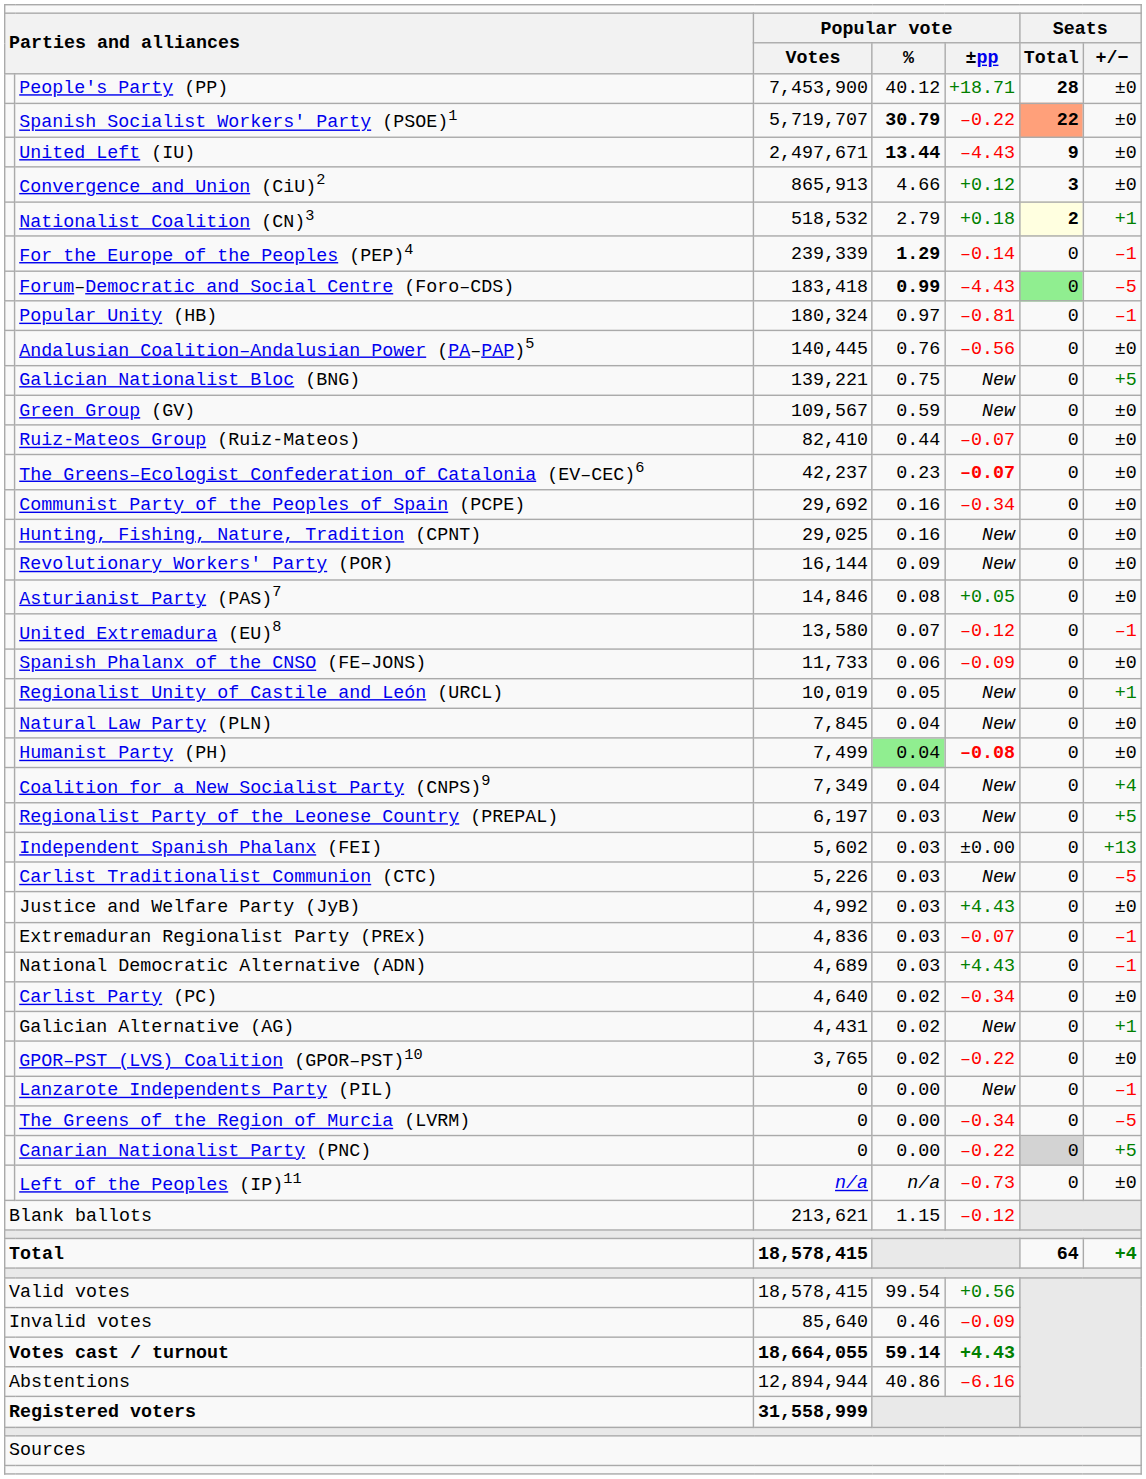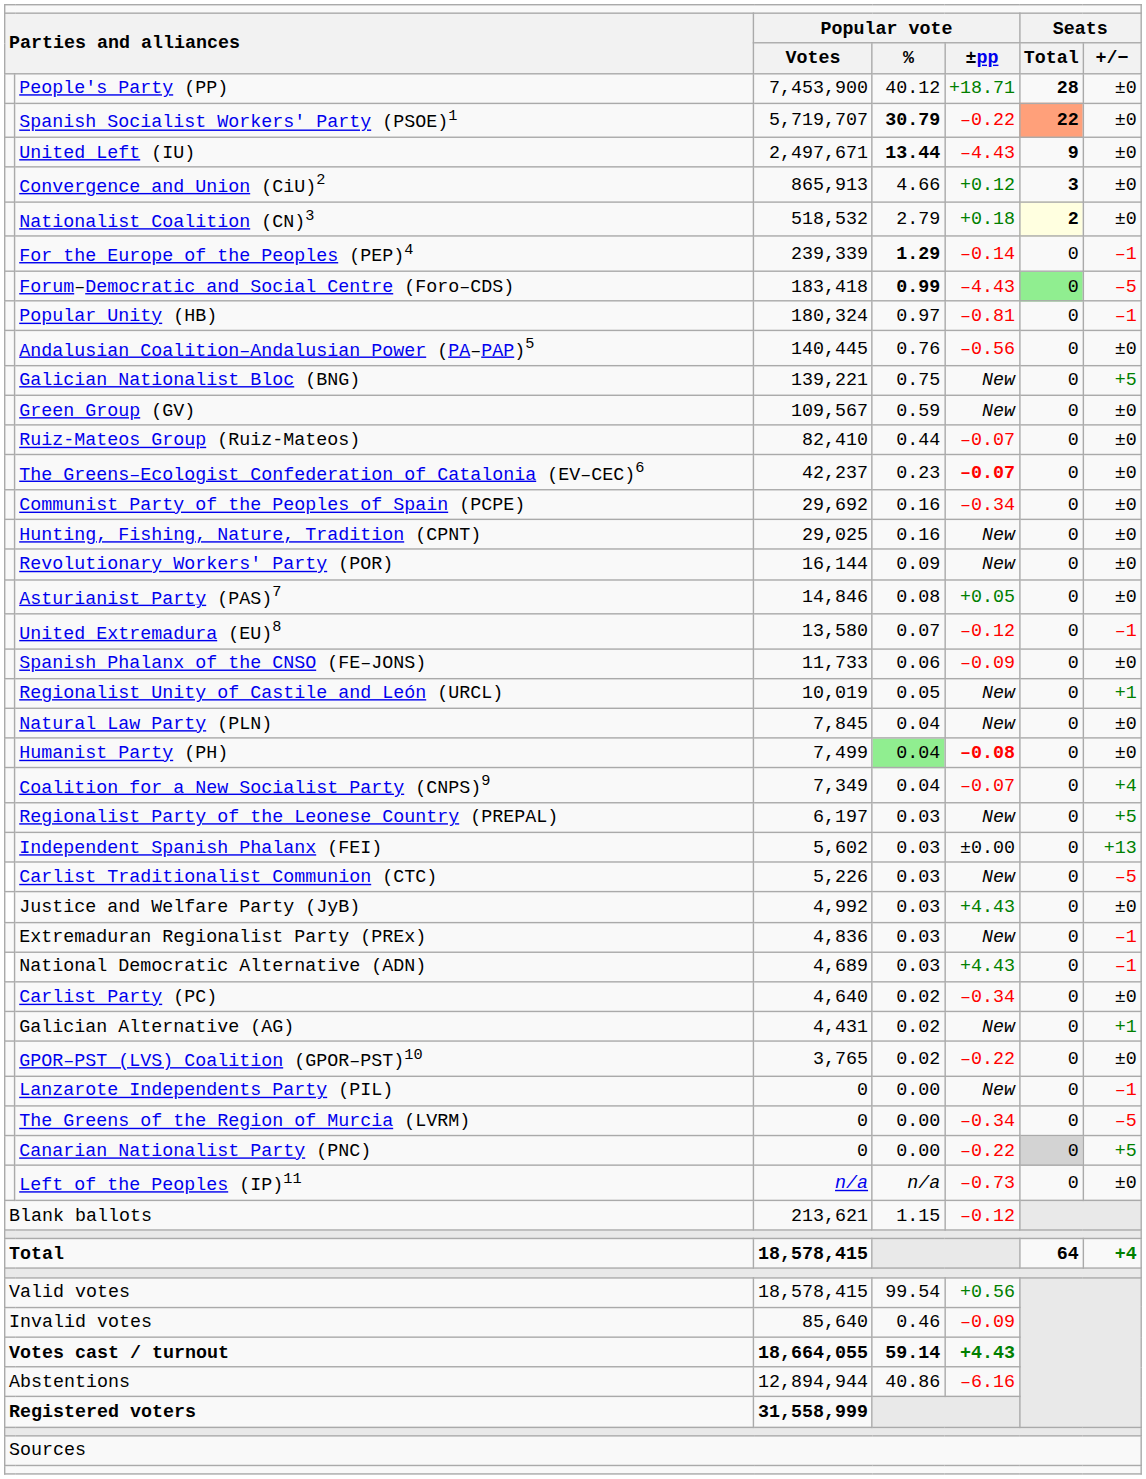 <table class="wikitable" style="text-align:right;">
 <tr>
 <td colspan="7"></td>
 </tr>
 <tr>
 <th style="text-align:left;" rowspan="2" colspan="2" width="525">Parties and alliances</th>
 <th colspan="3">Popular vote</th>
 <th colspan="2">Seats</th>
 </tr>
 <tr>
 <th width="75">Votes</th>
 <th width="45">%</th>
 <th width="45">±<a href='#'>pp</a></th>
 <th width="35">Total</th>
 <th width="35">+/−</th>
 </tr>
 <tr>
 <td width="1" style="color:inherit;background:"></td>
 <td align="left"><a href='#'>People's Party</a> (PP)</td>
 <td>7,453,900</td>
 <td>40.12</td>
 <td style="color:green;">+18.71</td>
 <td><strong>28</strong></td>
 <td>±0</td>
 </tr>
 <tr>
 <td style="color:inherit;background:"></td>
 <td align="left"><a href='#'>Spanish Socialist Workers' Party</a> (PSOE)<sup>1</sup></td>
 <td>5,719,707</td>
 <td><strong>30.79</strong></td>
 <td style="color:red;">–0.22</td>
 <td style="background: lightsalmon;"><strong>22</strong></td>
 <td>±0</td>
 </tr>
 <tr>
 <td style="color:inherit;background:"></td>
 <td align="left"><a href='#'>United Left</a> (IU)</td>
 <td>2,497,671</td>
 <td><strong>13.44</strong></td>
 <td style="color:red;">–4.43</td>
 <td><strong>9</strong></td>
 <td>±0</td>
 </tr>
 <tr>
 <td style="color:inherit;background:"></td>
 <td align="left"><a href='#'>Convergence and Union</a> (CiU)<sup>2</sup></td>
 <td>865,913</td>
 <td>4.66</td>
 <td style="color:green;">+0.12</td>
 <td><strong>3</strong></td>
 <td>±0</td>
 </tr>
 <tr>
 <td style="color:inherit;background:"></td>
 <td align="left"><a href='#'>Nationalist Coalition</a> (CN)<sup>3</sup></td>
 <td>518,532</td>
 <td>2.79</td>
 <td style="color:green;">+0.18</td>
 <td style="background: lightyellow;"><strong>2</strong></td>
-<td style="color:green;">+1</td>
+<td>±0</td>
 </tr>
 <tr>
 <td style="color:inherit;background:"></td>
 <td align="left"><a href='#'>For the Europe of the Peoples</a> (PEP)<sup>4</sup></td>
 <td>239,339</td>
 <td><strong>1.29</strong></td>
 <td style="color:red;">–0.14</td>
 <td>0</td>
 <td style="color:red;">–1</td>
 </tr>
 <tr>
 <td style="color:inherit;background:"></td>
 <td align="left"><a href='#'>Forum</a>–<a href='#'>Democratic and Social Centre</a> (Foro–CDS)</td>
 <td>183,418</td>
 <td><strong>0.99</strong></td>
 <td style="color:red;">–4.43</td>
 <td style="background: lightgreen;">0</td>
 <td style="color:red;">–5</td>
 </tr>
 <tr>
 <td style="color:inherit;background:"></td>
 <td align="left"><a href='#'>Popular Unity</a> (HB)</td>
 <td>180,324</td>
 <td>0.97</td>
 <td style="color:red;">–0.81</td>
 <td>0</td>
 <td style="color:red;">–1</td>
 </tr>
 <tr>
 <td style="color:inherit;background:"></td>
 <td align="left"><a href='#'>Andalusian Coalition–Andalusian Power</a> (<a href='#'>PA</a>–<a href='#'>PAP</a>)<sup>5</sup></td>
 <td>140,445</td>
 <td>0.76</td>
 <td style="color:red;">–0.56</td>
 <td>0</td>
 <td>±0</td>
 </tr>
 <tr>
 <td style="color:inherit;background:"></td>
 <td align="left"><a href='#'>Galician Nationalist Bloc</a> (BNG)</td>
 <td>139,221</td>
 <td>0.75</td>
 <td><em>New</em></td>
 <td>0</td>
 <td style="color:green;">+5</td>
 </tr>
 <tr>
 <td style="color:inherit;background:"></td>
 <td align="left"><a href='#'>Green Group</a> (GV)</td>
 <td>109,567</td>
 <td>0.59</td>
 <td><em>New</em></td>
 <td>0</td>
 <td>±0</td>
 </tr>
 <tr>
 <td style="color:inherit;background:"></td>
 <td align="left"><a href='#'>Ruiz-Mateos Group</a> (Ruiz-Mateos)</td>
 <td>82,410</td>
 <td>0.44</td>
 <td style="color:red;">–0.07</td>
 <td>0</td>
 <td>±0</td>
 </tr>
 <tr>
 <td style="color:inherit;background:"></td>
 <td align="left"><a href='#'>The Greens–Ecologist Confederation of Catalonia</a> (EV–CEC)<sup>6</sup></td>
 <td>42,237</td>
 <td>0.23</td>
 <td style="color:red;"><strong>–0.07</strong></td>
 <td>0</td>
 <td>±0</td>
 </tr>
 <tr>
 <td style="color:inherit;background:"></td>
 <td align="left"><a href='#'>Communist Party of the Peoples of Spain</a> (PCPE)</td>
 <td>29,692</td>
 <td>0.16</td>
 <td style="color:red;">–0.34</td>
 <td>0</td>
 <td>±0</td>
 </tr>
 <tr>
 <td style="color:inherit;background:"></td>
 <td align="left"><a href='#'>Hunting, Fishing, Nature, Tradition</a> (CPNT)</td>
 <td>29,025</td>
 <td>0.16</td>
 <td><em>New</em></td>
 <td>0</td>
 <td>±0</td>
 </tr>
 <tr>
 <td style="color:inherit;background:"></td>
 <td align="left"><a href='#'>Revolutionary Workers' Party</a> (POR)</td>
 <td>16,144</td>
 <td>0.09</td>
 <td><em>New</em></td>
 <td>0</td>
 <td>±0</td>
 </tr>
 <tr>
 <td style="color:inherit;background:"></td>
 <td align="left"><a href='#'>Asturianist Party</a> (PAS)<sup>7</sup></td>
 <td>14,846</td>
 <td>0.08</td>
 <td style="color:green;">+0.05</td>
 <td>0</td>
 <td>±0</td>
 </tr>
 <tr>
 <td style="color:inherit;background:"></td>
 <td align="left"><a href='#'>United Extremadura</a> (EU)<sup>8</sup></td>
 <td>13,580</td>
 <td>0.07</td>
 <td style="color:red;">–0.12</td>
 <td>0</td>
 <td style="color:red;">–1</td>
 </tr>
 <tr>
 <td style="color:inherit;background:"></td>
 <td align="left"><a href='#'>Spanish Phalanx of the CNSO</a> (FE–JONS)</td>
 <td>11,733</td>
 <td>0.06</td>
 <td style="color:red;">–0.09</td>
 <td>0</td>
 <td>±0</td>
 </tr>
 <tr>
 <td style="color:inherit;background:"></td>
 <td align="left"><a href='#'>Regionalist Unity of Castile and León</a> (URCL)</td>
 <td>10,019</td>
 <td>0.05</td>
 <td><em>New</em></td>
 <td>0</td>
 <td style="color:green;">+1</td>
 </tr>
 <tr>
 <td style="color:inherit;background:"></td>
 <td align="left"><a href='#'>Natural Law Party</a> (PLN)</td>
 <td>7,845</td>
 <td>0.04</td>
 <td><em>New</em></td>
 <td>0</td>
 <td>±0</td>
 </tr>
 <tr>
 <td style="color:inherit;background:"></td>
 <td align="left"><a href='#'>Humanist Party</a> (PH)</td>
 <td>7,499</td>
 <td style="background: lightgreen;">0.04</td>
 <td style="color:red;"><strong>–0.08</strong></td>
 <td>0</td>
 <td>±0</td>
 </tr>
 <tr>
 <td style="color:inherit;background:"></td>
 <td align="left"><a href='#'>Coalition for a New Socialist Party</a> (CNPS)<sup>9</sup></td>
 <td>7,349</td>
 <td>0.04</td>
-<td><em>New</em></td>
+<td style="color:red;">–0.07</td>
 <td>0</td>
 <td style="color:green;">+4</td>
 </tr>
 <tr>
 <td style="color:inherit;background:"></td>
 <td align="left"><a href='#'>Regionalist Party of the Leonese Country</a> (PREPAL)</td>
 <td>6,197</td>
 <td>0.03</td>
 <td><em>New</em></td>
 <td>0</td>
 <td style="color:green;">+5</td>
 </tr>
 <tr>
 <td style="color:inherit;background:"></td>
 <td align="left"><a href='#'>Independent Spanish Phalanx</a> (FEI)</td>
 <td>5,602</td>
 <td>0.03</td>
 <td>±0.00</td>
 <td>0</td>
 <td style="color:green;">+13</td>
 </tr>
 <tr>
 <td bgcolor="white"></td>
 <td align="left"><a href='#'>Carlist Traditionalist Communion</a> (CTC)</td>
 <td>5,226</td>
 <td>0.03</td>
 <td><em>New</em></td>
 <td>0</td>
 <td style="color:red;">–5</td>
 </tr>
 <tr>
 <td bgcolor="white"></td>
 <td align="left">Justice and Welfare Party (JyB)</td>
 <td>4,992</td>
 <td>0.03</td>
 <td style="color:green;">+4.43</td>
 <td>0</td>
 <td>±0</td>
 </tr>
 <tr>
 <td style="color:inherit;background:"></td>
 <td align="left">Extremaduran Regionalist Party (PREx)</td>
 <td>4,836</td>
 <td>0.03</td>
-<td style="color:red;">–0.07</td>
+<td><em>New</em></td>
 <td>0</td>
 <td style="color:red;">–1</td>
 </tr>
 <tr>
 <td bgcolor="white"></td>
 <td align="left">National Democratic Alternative (ADN)</td>
 <td>4,689</td>
 <td>0.03</td>
 <td style="color:green;">+4.43</td>
 <td>0</td>
 <td style="color:red;">–1</td>
 </tr>
 <tr>
 <td style="color:inherit;background:"></td>
 <td align="left"><a href='#'>Carlist Party</a> (PC)</td>
 <td>4,640</td>
 <td>0.02</td>
 <td style="color:red;">–0.34</td>
 <td>0</td>
 <td>±0</td>
 </tr>
 <tr>
 <td style="color:inherit;background:"></td>
 <td align="left">Galician Alternative (AG)</td>
 <td>4,431</td>
 <td>0.02</td>
 <td><em>New</em></td>
 <td>0</td>
 <td style="color:green;">+1</td>
 </tr>
 <tr>
 <td style="color:inherit;background:"></td>
 <td align="left"><a href='#'>GPOR–PST (LVS) Coalition</a> (GPOR–PST)<sup>10</sup></td>
 <td>3,765</td>
 <td>0.02</td>
 <td style="color:red;">–0.22</td>
 <td>0</td>
 <td>±0</td>
 </tr>
 <tr>
 <td style="color:inherit;background:"></td>
 <td align="left"><a href='#'>Lanzarote Independents Party</a> (PIL)</td>
 <td>0</td>
 <td>0.00</td>
 <td><em>New</em></td>
 <td>0</td>
 <td style="color:red;">–1</td>
 </tr>
 <tr>
 <td style="color:inherit;background:"></td>
 <td align="left"><a href='#'>The Greens of the Region of Murcia</a> (LVRM)</td>
 <td>0</td>
 <td>0.00</td>
 <td style="color:red;">–0.34</td>
 <td>0</td>
 <td style="color:red;">–5</td>
 </tr>
 <tr>
 <td style="color:inherit;background:"></td>
 <td align="left"><a href='#'>Canarian Nationalist Party</a> (PNC)</td>
 <td>0</td>
 <td>0.00</td>
 <td style="color:red;">–0.22</td>
 <td style="background: lightgrey;">0</td>
 <td style="color:green;">+5</td>
 </tr>
 <tr>
 <td style="color:inherit;background:"></td>
 <td align="left"><a href='#'>Left of the Peoples</a> (IP)<sup>11</sup></td>
 <td><em><a href='#'>n/a</a></em></td>
 <td><em>n/a</em></td>
 <td style="color:red;">–0.73</td>
 <td>0</td>
 <td>±0</td>
 </tr>
 <tr>
 <td align="left" colspan="2">Blank ballots</td>
 <td>213,621</td>
 <td>1.15</td>
 <td style="color:red;">–0.12</td>
 <td bgcolor="#E9E9E9" colspan="2"></td>
 </tr>
 <tr>
 <td colspan="7" bgcolor="#E9E9E9"></td>
 </tr>
 <tr style="font-weight:bold;">
 <td align="left" colspan="2">Total</td>
 <td>18,578,415</td>
 <td bgcolor="#E9E9E9" colspan="2"></td>
 <td>64</td>
 <td style="color:green;">+4</td>
 </tr>
 <tr>
 <td colspan="7" bgcolor="#E9E9E9"></td>
 </tr>
 <tr>
 <td align="left" colspan="2">Valid votes</td>
 <td>18,578,415</td>
 <td>99.54</td>
 <td style="color:green;">+0.56</td>
 <td bgcolor="#E9E9E9" colspan="2" rowspan="5"></td>
 </tr>
 <tr>
 <td align="left" colspan="2">Invalid votes</td>
 <td>85,640</td>
 <td>0.46</td>
 <td style="color:red;">–0.09</td>
 </tr>
 <tr style="font-weight:bold;">
 <td align="left" colspan="2">Votes cast / turnout</td>
 <td>18,664,055</td>
 <td>59.14</td>
 <td style="color:green;">+4.43</td>
 </tr>
 <tr>
 <td align="left" colspan="2">Abstentions</td>
 <td>12,894,944</td>
 <td>40.86</td>
 <td style="color:red;">–6.16</td>
 </tr>
 <tr style="font-weight:bold;">
 <td align="left" colspan="2">Registered voters</td>
 <td>31,558,999</td>
 <td bgcolor="#E9E9E9" colspan="2"></td>
 </tr>
 <tr>
 <td colspan="7" bgcolor="#E9E9E9"></td>
 </tr>
 <tr>
 <td align="left" colspan="7">Sources</td>
 </tr>
 <tr>
 <td colspan="7" style="text-align:left; max-width:790px;"></td>
 </tr>
 </table>
